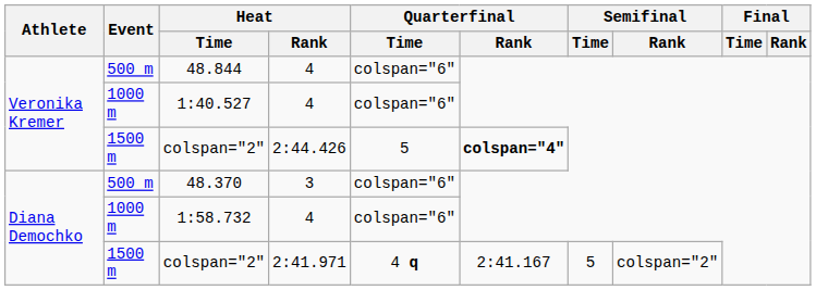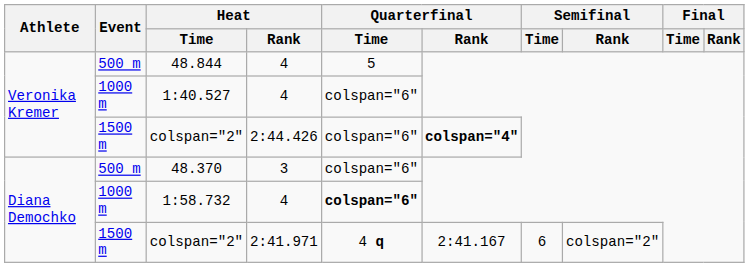 <table class=wikitable style=font-size:90%;text-align:center>
 <tr>
 <th rowspan="2">Athlete</th>
 <th rowspan="2">Event</th>
 <th colspan="2">Heat</th>
 <th colspan="2">Quarterfinal</th>
 <th colspan="2">Semifinal</th>
 <th colspan="2">Final</th>
 </tr>
 <tr>
 <th>Time</th>
 <th>Rank</th>
 <th>Time</th>
 <th>Rank</th>
 <th>Time</th>
 <th>Rank</th>
 <th>Time</th>
 <th>Rank</th>
 </tr>
 <tr>
 <td align=left rowspan=3><a href='#'>Veronika Kremer</a></td>
 <td align=left><a href='#'>500 m</a></td>
 <td>48.844</td>
 <td>4</td>
-<td>colspan="6" </td>
+<td>5</td>
 </tr>
 <tr>
 <td align=left><a href='#'>1000 m</a></td>
 <td>1:40.527</td>
 <td>4</td>
 <td>colspan="6" </td>
 </tr>
 <tr>
 <td align=left><a href='#'>1500 m</a></td>
 <td>colspan="2" </td>
 <td>2:44.426</td>
-<td>5</td>
+<td>colspan="6" </td>
 <td><strong>colspan="4" </strong></td>
 </tr>
 <tr>
 <td align=left rowspan=3><a href='#'>Diana Demochko</a></td>
 <td align=left><a href='#'>500 m</a></td>
 <td>48.370</td>
 <td>3</td>
 <td>colspan="6" </td>
 </tr>
 <tr>
 <td align=left><a href='#'>1000 m</a></td>
 <td>1:58.732</td>
 <td>4</td>
-<td>colspan="6" </td>
+<td><strong>colspan="6" </strong></td>
 </tr>
 <tr>
 <td align=left><a href='#'>1500 m</a></td>
 <td>colspan="2" </td>
 <td>2:41.971</td>
 <td>4 <strong>q</strong></td>
 <td>2:41.167</td>
-<td>5</td>
+<td>6</td>
 <td>colspan="2" </td>
 </tr>
 </table>
